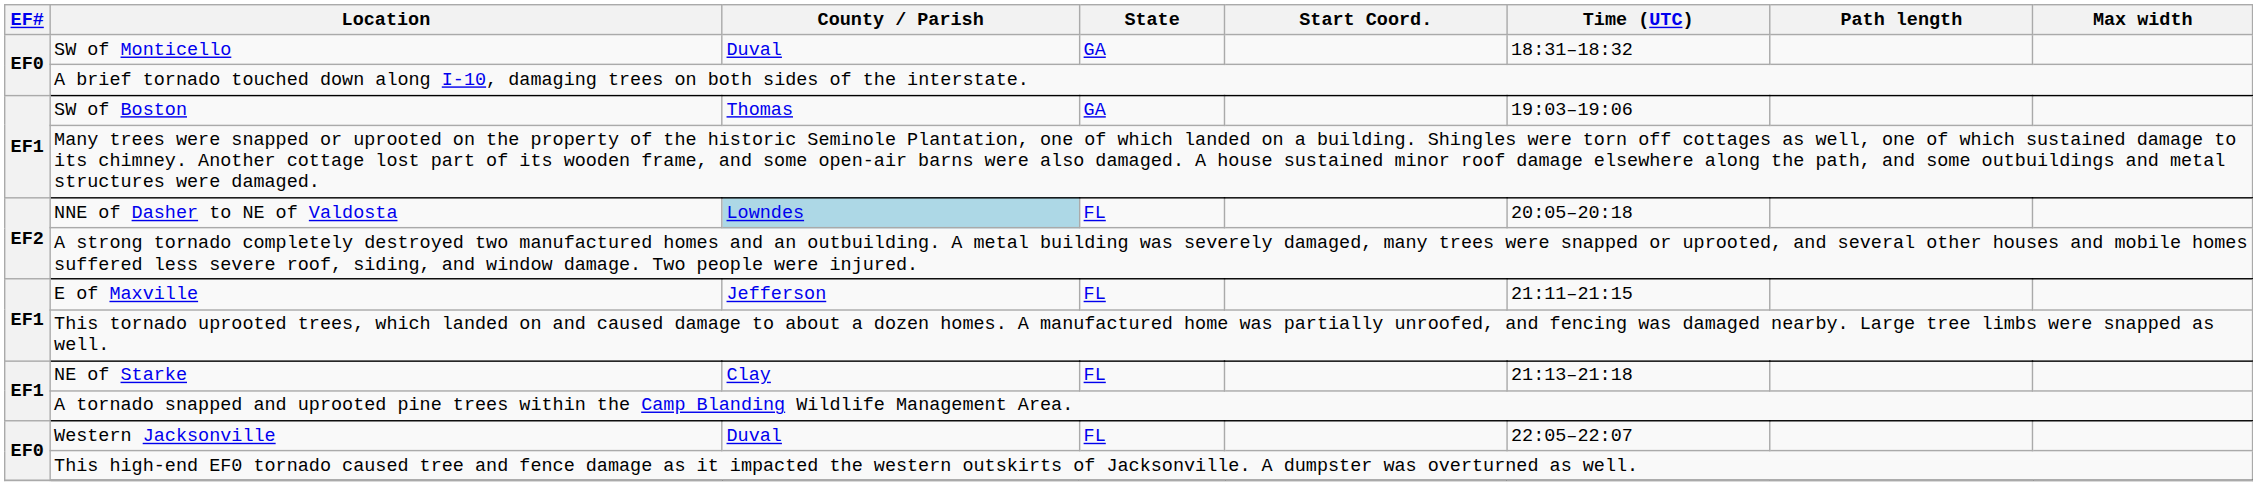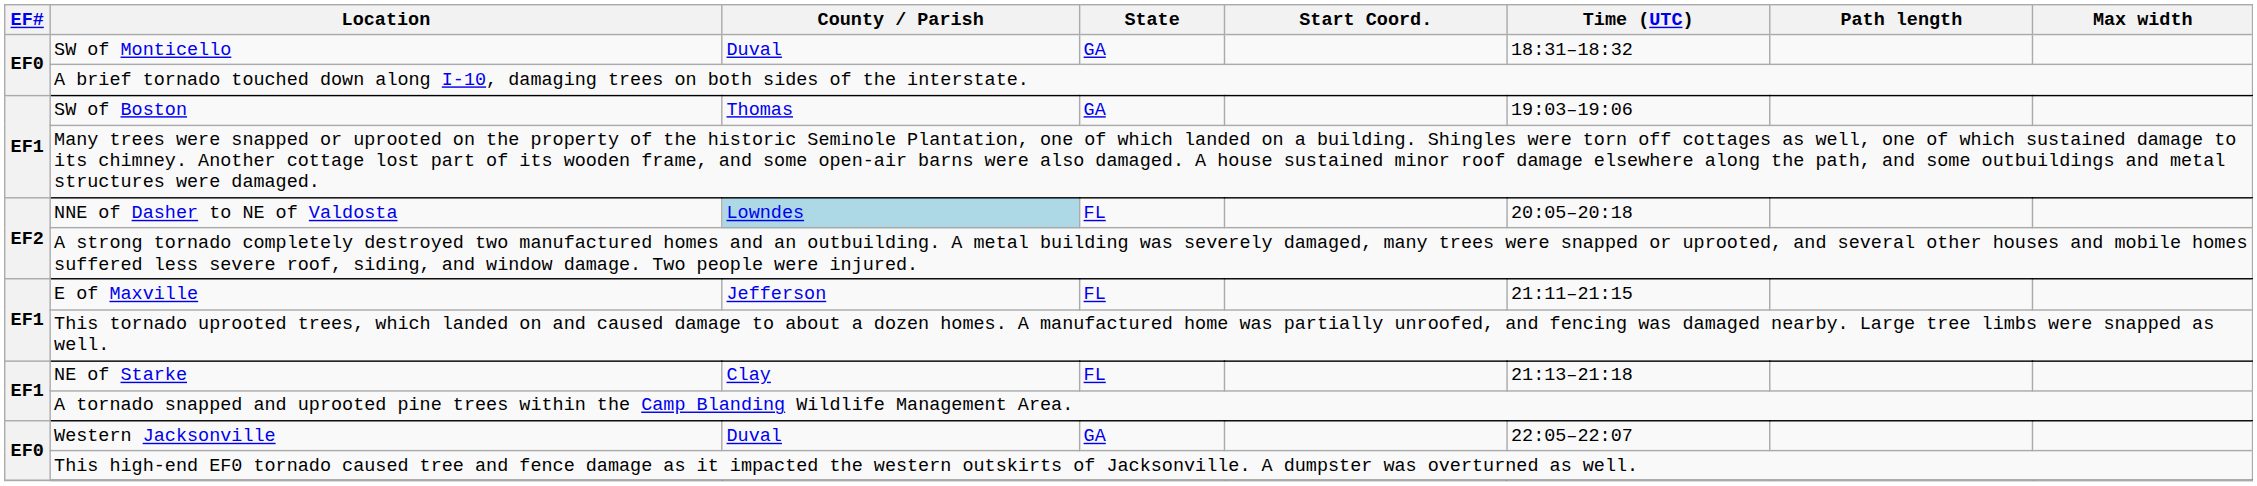 <table class="wikitable sortable" style="width:100%;">
 <tr>
 <th scope="col" width="2%" align="center"><a href='#'>EF#</a></th>
 <th scope="col" align="center" class="unsortable">Location</th>
 <th scope="col" align="center" class="unsortable">County / Parish</th>
 <th scope="col" align="center">State</th>
 <th scope="col" align="center">Start Coord.</th>
 <th scope="col" align="center">Time (<a href='#'>UTC</a>)</th>
 <th scope="col" align="center">Path length</th>
 <th scope="col" align="center">Max width</th>
 </tr>
 <tr>
 <th scope="row" rowspan="2" style="background-color:#">EF0</th>
 <td>SW of <a href='#'>Monticello</a></td>
 <td><a href='#'>Duval</a></td>
 <td><a href='#'>GA</a></td>
 <td></td>
 <td>18:31–18:32</td>
 <td></td>
 <td></td>
 </tr>
 <tr class="expand-child">
 <td colspan="8" style=" border-bottom: 1px solid black;">A brief tornado touched down along <a href='#'>I-10</a>, damaging trees on both sides of the interstate.</td>
 </tr>
 <tr>
 <th scope="row" rowspan="2" style="background-color:#">EF1</th>
 <td>SW of <a href='#'>Boston</a></td>
 <td><a href='#'>Thomas</a></td>
 <td><a href='#'>GA</a></td>
 <td></td>
 <td>19:03–19:06</td>
 <td></td>
 <td></td>
 </tr>
 <tr class="expand-child">
 <td colspan="8" style=" border-bottom: 1px solid black;">Many trees were snapped or uprooted on the property of the historic Seminole Plantation, one of which landed on a building. Shingles were torn off cottages as well, one of which sustained damage to its chimney. Another cottage lost part of its wooden frame, and some open-air barns were also damaged. A house sustained minor roof damage elsewhere along the path, and some outbuildings and metal structures were damaged.</td>
 </tr>
 <tr>
 <th scope="row" rowspan="2" style="background-color:#">EF2</th>
 <td>NNE of <a href='#'>Dasher</a> to NE of <a href='#'>Valdosta</a></td>
 <td style="background: lightblue;"><a href='#'>Lowndes</a></td>
 <td><a href='#'>FL</a></td>
 <td></td>
 <td>20:05–20:18</td>
 <td></td>
 <td></td>
 </tr>
 <tr class="expand-child">
 <td colspan="8" style=" border-bottom: 1px solid black;">A strong tornado completely destroyed two manufactured homes and an outbuilding. A metal building was severely damaged, many trees were snapped or uprooted, and several other houses and mobile homes suffered less severe roof, siding, and window damage. Two people were injured.</td>
 </tr>
 <tr>
 <th scope="row" rowspan="2" style="background-color:#">EF1</th>
 <td>E of <a href='#'>Maxville</a></td>
 <td><a href='#'>Jefferson</a></td>
 <td><a href='#'>FL</a></td>
 <td></td>
 <td>21:11–21:15</td>
 <td></td>
 <td></td>
 </tr>
 <tr class="expand-child">
 <td colspan="8" style=" border-bottom: 1px solid black;">This tornado uprooted trees, which landed on and caused damage to about a dozen homes. A manufactured home was partially unroofed, and fencing was damaged nearby. Large tree limbs were snapped as well.</td>
 </tr>
 <tr>
 <th scope="row" rowspan="2" style="background-color:#">EF1</th>
 <td>NE of <a href='#'>Starke</a></td>
 <td><a href='#'>Clay</a></td>
 <td><a href='#'>FL</a></td>
 <td></td>
 <td>21:13–21:18</td>
 <td></td>
 <td></td>
 </tr>
 <tr class="expand-child">
 <td colspan="8" style=" border-bottom: 1px solid black;">A tornado snapped and uprooted pine trees within the <a href='#'>Camp Blanding</a> Wildlife Management Area.</td>
 </tr>
 <tr>
 <th scope="row" rowspan="2" style="background-color:#">EF0</th>
 <td>Western <a href='#'>Jacksonville</a></td>
 <td><a href='#'>Duval</a></td>
-<td><a href='#'>FL</a></td>
+<td><a href='#'>GA</a></td>
 <td></td>
 <td>22:05–22:07</td>
 <td></td>
 <td></td>
 </tr>
 <tr class="expand-child">
 <td colspan="8" style=" border-bottom: 1px solid black;">This high-end EF0 tornado caused tree and fence damage as it impacted the western outskirts of Jacksonville. A dumpster was overturned as well.</td>
 </tr>
 <tr>
 </tr>
 </table>
